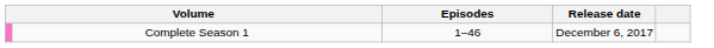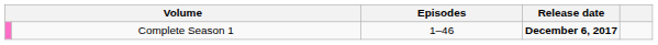 <table class="wikitable" style="text-align: center;">
 <tr>
 <th colspan="2">Volume</th>
 <th width="25%">Episodes</th>
 <th width="15%">Release date</th>
 <th width="5%"></th>
 </tr>
 <tr>
 <td rowspan="1" width="1%" style="background: #FF6EC7;"></td>
 <td>Complete Season 1</td>
 <td>1–46</td>
-<td>December 6, 2017</td>
+<td><strong>December 6, 2017</strong></td>
 <td></td>
 </tr>
 </table>
